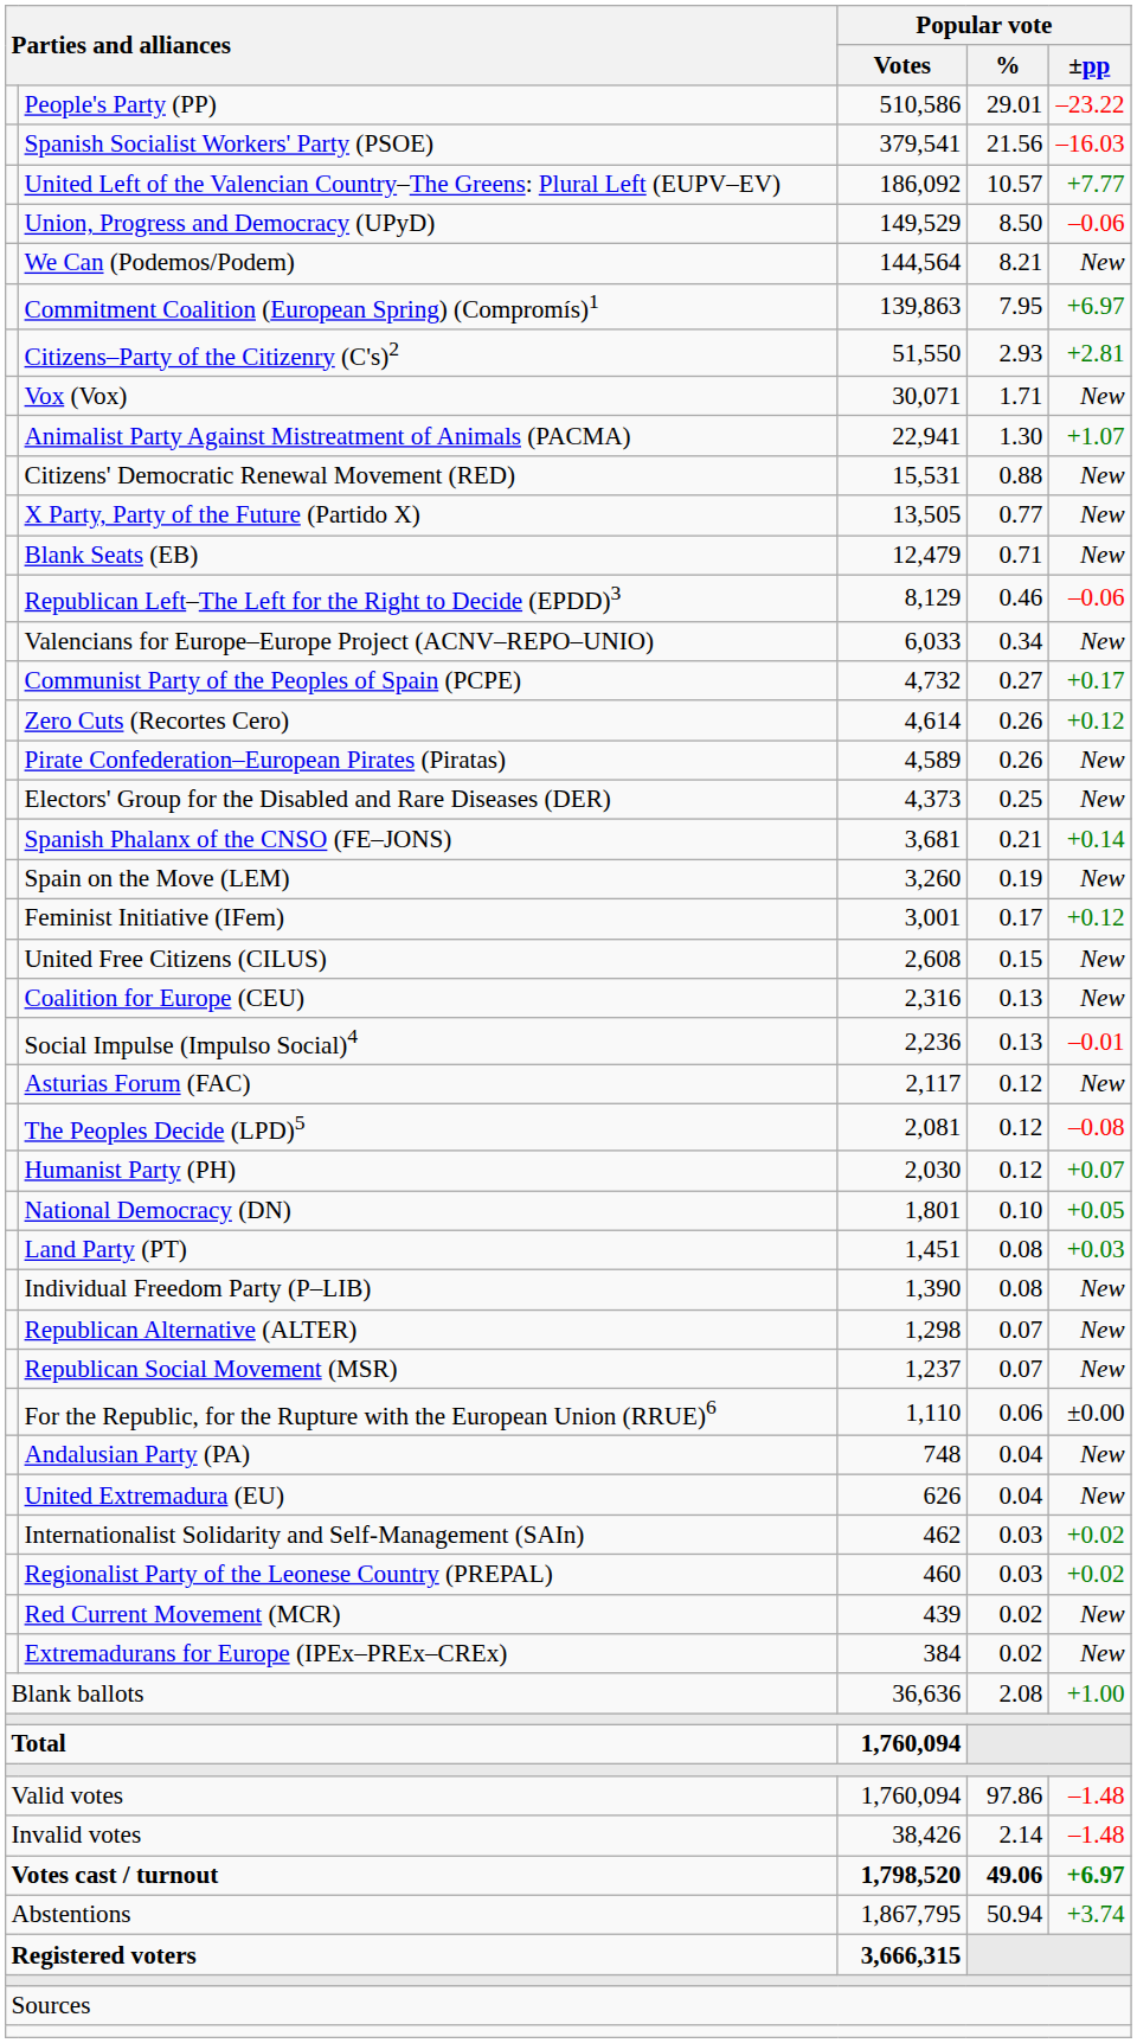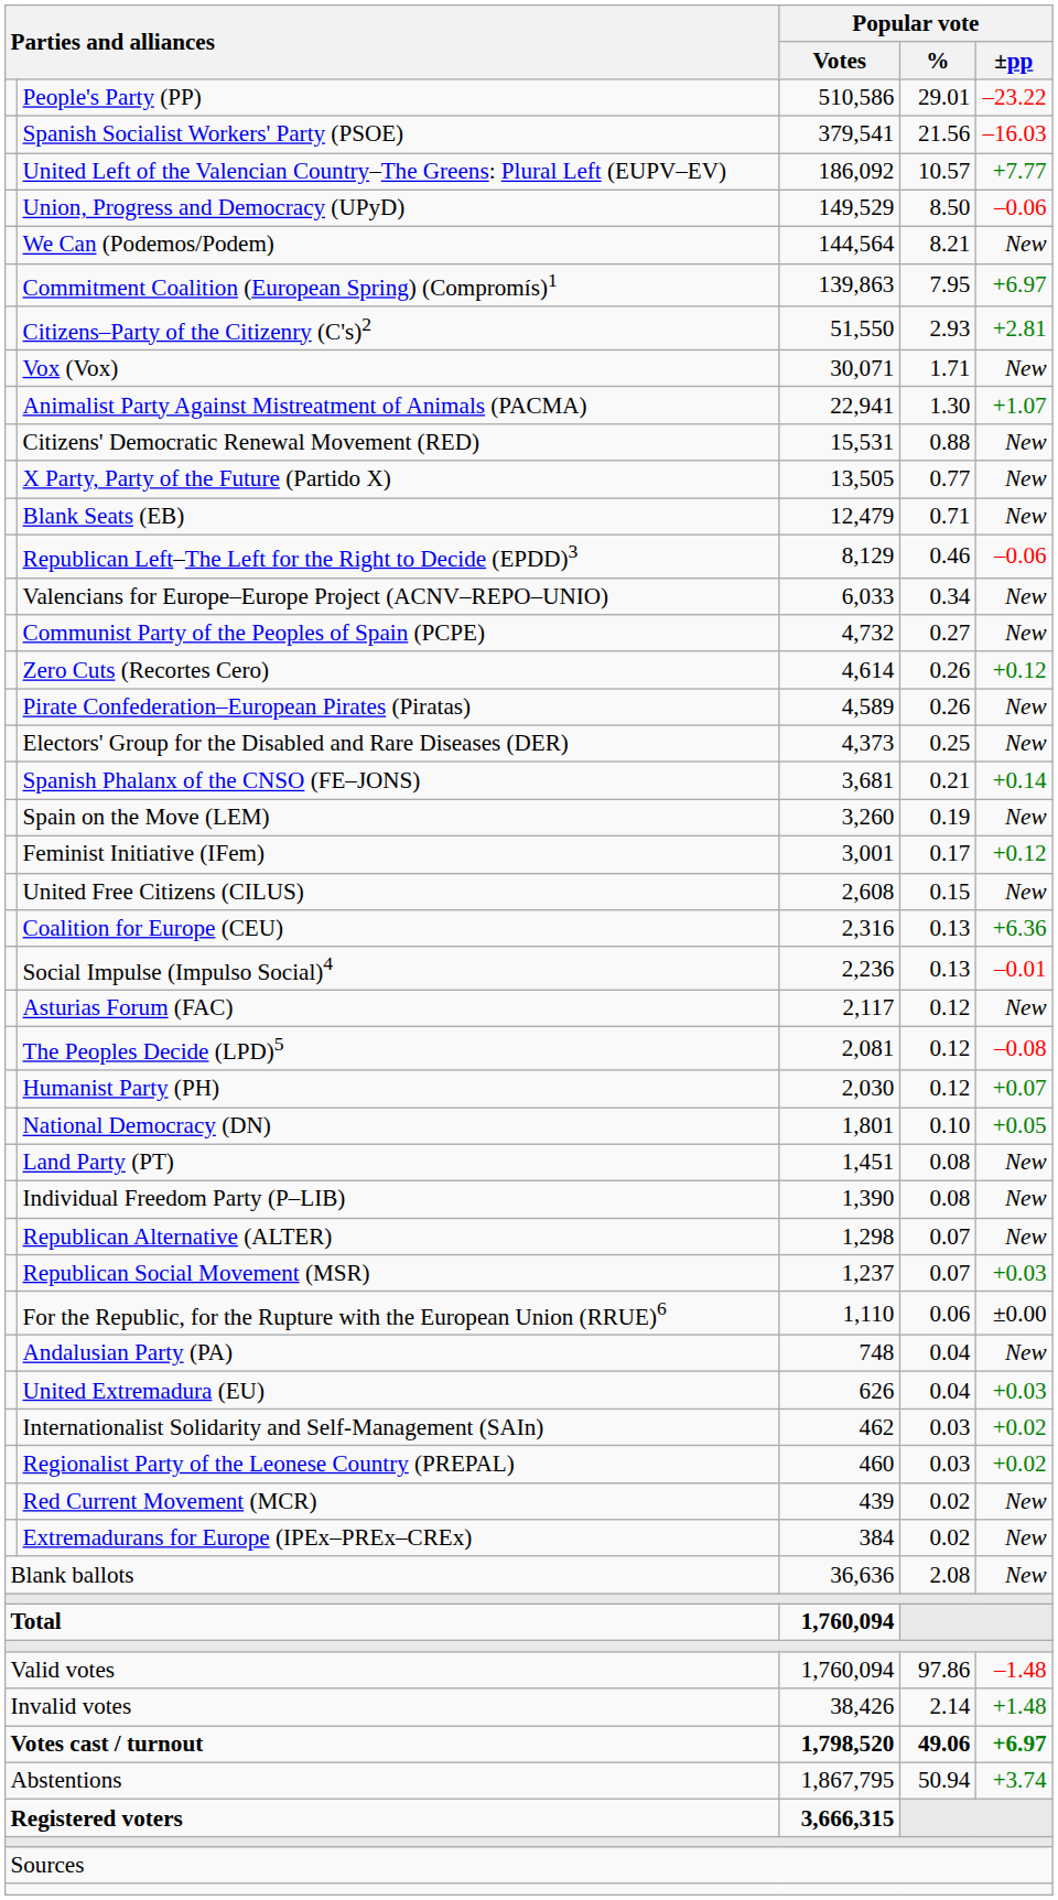 <table class="wikitable" style="text-align:right">
 <tr>
 <th style="text-align:left;" rowspan="2" colspan="2" width="525">Parties and alliances</th>
 <th colspan="3">Popular vote</th>
 </tr>
 <tr>
 <th width="75">Votes</th>
 <th width="45">%</th>
 <th width="45">±<a href='#'>pp</a></th>
 </tr>
 <tr>
 <td width="1" style="color:inherit;background:"></td>
 <td align="left"><a href='#'>People's Party</a> (PP)</td>
 <td>510,586</td>
 <td>29.01</td>
 <td style="color:red;">–23.22</td>
 </tr>
 <tr>
 <td style="color:inherit;background:"></td>
 <td align="left"><a href='#'>Spanish Socialist Workers' Party</a> (PSOE)</td>
 <td>379,541</td>
 <td>21.56</td>
 <td style="color:red;">–16.03</td>
 </tr>
 <tr>
 <td style="color:inherit;background:"></td>
 <td align="left"><a href='#'>United Left of the Valencian Country</a>–<a href='#'>The Greens</a>: <a href='#'>Plural Left</a> (EUPV–EV)</td>
 <td>186,092</td>
 <td>10.57</td>
 <td style="color:green;">+7.77</td>
 </tr>
 <tr>
 <td style="color:inherit;background:"></td>
 <td align="left"><a href='#'>Union, Progress and Democracy</a> (UPyD)</td>
 <td>149,529</td>
 <td>8.50</td>
 <td style="color:red;">–0.06</td>
 </tr>
 <tr>
 <td style="color:inherit;background:"></td>
 <td align="left"><a href='#'>We Can</a> (Podemos/Podem)</td>
 <td>144,564</td>
 <td>8.21</td>
 <td><em>New</em></td>
 </tr>
 <tr>
 <td style="color:inherit;background:"></td>
 <td align="left"><a href='#'>Commitment Coalition</a> (<a href='#'>European Spring</a>) (Compromís)<sup>1</sup></td>
 <td>139,863</td>
 <td>7.95</td>
 <td style="color:green;">+6.97</td>
 </tr>
 <tr>
 <td style="color:inherit;background:"></td>
 <td align="left"><a href='#'>Citizens–Party of the Citizenry</a> (C's)<sup>2</sup></td>
 <td>51,550</td>
 <td>2.93</td>
 <td style="color:green;">+2.81</td>
 </tr>
 <tr>
 <td style="color:inherit;background:"></td>
 <td align="left"><a href='#'>Vox</a> (Vox)</td>
 <td>30,071</td>
 <td>1.71</td>
 <td><em>New</em></td>
 </tr>
 <tr>
 <td style="color:inherit;background:"></td>
 <td align="left"><a href='#'>Animalist Party Against Mistreatment of Animals</a> (PACMA)</td>
 <td>22,941</td>
 <td>1.30</td>
 <td style="color:green;">+1.07</td>
 </tr>
 <tr>
 <td style="color:inherit;background:"></td>
 <td align="left">Citizens' Democratic Renewal Movement (RED)</td>
 <td>15,531</td>
 <td>0.88</td>
 <td><em>New</em></td>
 </tr>
 <tr>
 <td style="color:inherit;background:"></td>
 <td align="left"><a href='#'>X Party, Party of the Future</a> (Partido X)</td>
 <td>13,505</td>
 <td>0.77</td>
 <td><em>New</em></td>
 </tr>
 <tr>
 <td style="color:inherit;background:"></td>
 <td align="left"><a href='#'>Blank Seats</a> (EB)</td>
 <td>12,479</td>
 <td>0.71</td>
 <td><em>New</em></td>
 </tr>
 <tr>
 <td style="color:inherit;background:"></td>
 <td align="left"><a href='#'>Republican Left</a>–<a href='#'>The Left for the Right to Decide</a> (EPDD)<sup>3</sup></td>
 <td>8,129</td>
 <td>0.46</td>
 <td style="color:red;">–0.06</td>
 </tr>
 <tr>
 <td style="color:inherit;background:"></td>
 <td align="left">Valencians for Europe–Europe Project (ACNV–REPO–UNIO)</td>
 <td>6,033</td>
 <td>0.34</td>
 <td><em>New</em></td>
 </tr>
 <tr>
 <td style="color:inherit;background:"></td>
 <td align="left"><a href='#'>Communist Party of the Peoples of Spain</a> (PCPE)</td>
 <td>4,732</td>
 <td>0.27</td>
-<td style="color:green;">+0.17</td>
+<td><em>New</em></td>
 </tr>
 <tr>
 <td style="color:inherit;background:"></td>
 <td align="left"><a href='#'>Zero Cuts</a> (Recortes Cero)</td>
 <td>4,614</td>
 <td>0.26</td>
 <td style="color:green;">+0.12</td>
 </tr>
 <tr>
 <td style="color:inherit;background:"></td>
 <td align="left"><a href='#'>Pirate Confederation–European Pirates</a> (Piratas)</td>
 <td>4,589</td>
 <td>0.26</td>
 <td><em>New</em></td>
 </tr>
 <tr>
 <td style="color:inherit;background:"></td>
 <td align="left">Electors' Group for the Disabled and Rare Diseases (DER)</td>
 <td>4,373</td>
 <td>0.25</td>
 <td><em>New</em></td>
 </tr>
 <tr>
 <td style="color:inherit;background:"></td>
 <td align="left"><a href='#'>Spanish Phalanx of the CNSO</a> (FE–JONS)</td>
 <td>3,681</td>
 <td>0.21</td>
 <td style="color:green;">+0.14</td>
 </tr>
 <tr>
 <td style="color:inherit;background:"></td>
 <td align="left">Spain on the Move (LEM)</td>
 <td>3,260</td>
 <td>0.19</td>
 <td><em>New</em></td>
 </tr>
 <tr>
 <td style="color:inherit;background:"></td>
 <td align="left">Feminist Initiative (IFem)</td>
 <td>3,001</td>
 <td>0.17</td>
 <td style="color:green;">+0.12</td>
 </tr>
 <tr>
 <td style="color:inherit;background:"></td>
 <td align="left">United Free Citizens (CILUS)</td>
 <td>2,608</td>
 <td>0.15</td>
 <td><em>New</em></td>
 </tr>
 <tr>
 <td style="color:inherit;background:"></td>
 <td align="left"><a href='#'>Coalition for Europe</a> (CEU)</td>
 <td>2,316</td>
 <td>0.13</td>
-<td><em>New</em></td>
+<td style="color:green;">+6.36</td>
 </tr>
 <tr>
 <td style="color:inherit;background:"></td>
 <td align="left">Social Impulse (Impulso Social)<sup>4</sup></td>
 <td>2,236</td>
 <td>0.13</td>
 <td style="color:red;">–0.01</td>
 </tr>
 <tr>
 <td style="color:inherit;background:"></td>
 <td align="left"><a href='#'>Asturias Forum</a> (FAC)</td>
 <td>2,117</td>
 <td>0.12</td>
 <td><em>New</em></td>
 </tr>
 <tr>
 <td style="color:inherit;background:"></td>
 <td align="left"><a href='#'>The Peoples Decide</a> (LPD)<sup>5</sup></td>
 <td>2,081</td>
 <td>0.12</td>
 <td style="color:red;">–0.08</td>
 </tr>
 <tr>
 <td style="color:inherit;background:"></td>
 <td align="left"><a href='#'>Humanist Party</a> (PH)</td>
 <td>2,030</td>
 <td>0.12</td>
 <td style="color:green;">+0.07</td>
 </tr>
 <tr>
 <td style="color:inherit;background:"></td>
 <td align="left"><a href='#'>National Democracy</a> (DN)</td>
 <td>1,801</td>
 <td>0.10</td>
 <td style="color:green;">+0.05</td>
 </tr>
 <tr>
 <td style="color:inherit;background:"></td>
 <td align="left"><a href='#'>Land Party</a> (PT)</td>
 <td>1,451</td>
 <td>0.08</td>
-<td style="color:green;">+0.03</td>
+<td><em>New</em></td>
 </tr>
 <tr>
 <td style="color:inherit;background:"></td>
 <td align="left">Individual Freedom Party (P–LIB)</td>
 <td>1,390</td>
 <td>0.08</td>
 <td><em>New</em></td>
 </tr>
 <tr>
 <td style="color:inherit;background:"></td>
 <td align="left"><a href='#'>Republican Alternative</a> (ALTER)</td>
 <td>1,298</td>
 <td>0.07</td>
 <td><em>New</em></td>
 </tr>
 <tr>
 <td style="color:inherit;background:"></td>
 <td align="left"><a href='#'>Republican Social Movement</a> (MSR)</td>
 <td>1,237</td>
 <td>0.07</td>
-<td><em>New</em></td>
+<td style="color:green;">+0.03</td>
 </tr>
 <tr>
 <td style="color:inherit;background:"></td>
 <td align="left">For the Republic, for the Rupture with the European Union (RRUE)<sup>6</sup></td>
 <td>1,110</td>
 <td>0.06</td>
 <td>±0.00</td>
 </tr>
 <tr>
 <td style="color:inherit;background:"></td>
 <td align="left"><a href='#'>Andalusian Party</a> (PA)</td>
 <td>748</td>
 <td>0.04</td>
 <td><em>New</em></td>
 </tr>
 <tr>
 <td style="color:inherit;background:"></td>
 <td align="left"><a href='#'>United Extremadura</a> (EU)</td>
 <td>626</td>
 <td>0.04</td>
-<td><em>New</em></td>
+<td style="color:green;">+0.03</td>
 </tr>
 <tr>
 <td style="color:inherit;background:"></td>
 <td align="left">Internationalist Solidarity and Self-Management (SAIn)</td>
 <td>462</td>
 <td>0.03</td>
 <td style="color:green;">+0.02</td>
 </tr>
 <tr>
 <td style="color:inherit;background:"></td>
 <td align="left"><a href='#'>Regionalist Party of the Leonese Country</a> (PREPAL)</td>
 <td>460</td>
 <td>0.03</td>
 <td style="color:green;">+0.02</td>
 </tr>
 <tr>
 <td style="color:inherit;background:"></td>
 <td align="left"><a href='#'>Red Current Movement</a> (MCR)</td>
 <td>439</td>
 <td>0.02</td>
 <td><em>New</em></td>
 </tr>
 <tr>
 <td style="color:inherit;background:"></td>
 <td align="left"><a href='#'>Extremadurans for Europe</a> (IPEx–PREx–CREx)</td>
 <td>384</td>
 <td>0.02</td>
 <td><em>New</em></td>
 </tr>
 <tr>
 <td align="left" colspan="2">Blank ballots</td>
 <td>36,636</td>
 <td>2.08</td>
-<td style="color:green;">+1.00</td>
+<td><em>New</em></td>
 </tr>
 <tr>
 <td colspan="5" bgcolor="#E9E9E9"></td>
 </tr>
 <tr style="font-weight:bold;">
 <td align="left" colspan="2">Total</td>
 <td>1,760,094</td>
 <td bgcolor="#E9E9E9" colspan="2"></td>
 </tr>
 <tr>
 <td colspan="5" bgcolor="#E9E9E9"></td>
 </tr>
 <tr>
 <td align="left" colspan="2">Valid votes</td>
 <td>1,760,094</td>
 <td>97.86</td>
 <td style="color:red;">–1.48</td>
 </tr>
 <tr>
 <td align="left" colspan="2">Invalid votes</td>
 <td>38,426</td>
 <td>2.14</td>
-<td style="color:red;">–1.48</td>
+<td style="color:green;">+1.48</td>
 </tr>
 <tr style="font-weight:bold;">
 <td align="left" colspan="2">Votes cast / turnout</td>
 <td>1,798,520</td>
 <td>49.06</td>
 <td style="color:green;">+6.97</td>
 </tr>
 <tr>
 <td align="left" colspan="2">Abstentions</td>
 <td>1,867,795</td>
 <td>50.94</td>
 <td style="color:green;">+3.74</td>
 </tr>
 <tr style="font-weight:bold;">
 <td align="left" colspan="2">Registered voters</td>
 <td>3,666,315</td>
 <td bgcolor="#E9E9E9" colspan="2"></td>
 </tr>
 <tr>
 <td colspan="5" bgcolor="#E9E9E9"></td>
 </tr>
 <tr>
 <td align="left" colspan="5">Sources</td>
 </tr>
 <tr>
 <td colspan="5" style="text-align:left; max-width:680px;"></td>
 </tr>
 </table>
